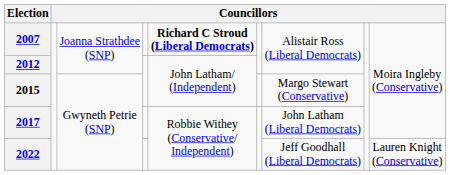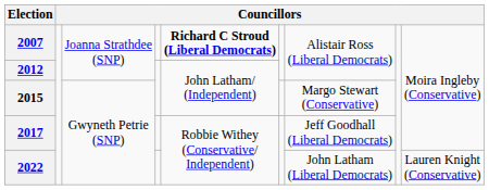 <table class="wikitable" style="text-align:center">
 <tr>
 <th>Election</th>
 <th colspan=8>Councillors</th>
 </tr>
 <tr>
 <th><a href='#'>2007</a></th>
 <td rowspan=5; style="background-color: "></td>
 <td rowspan=2><a href='#'>Joanna Strathdee</a><br>(<a href='#'>SNP</a>)</td>
 <td rowspan=1; style="background-color: "></td>
 <td><strong>Richard C Stroud<br>(<a href='#'>Liberal Democrats</a>)</strong></td>
 <td rowspan=2; style="background-color: "></td>
 <td rowspan=2>Alistair Ross<br>(<a href='#'>Liberal Democrats</a>)</td>
 <td rowspan=5; style="background-color: "></td>
 <td rowspan=4>Moira Ingleby<br>(<a href='#'>Conservative</a>)</td>
 </tr>
 <tr>
 <th><a href='#'>2012</a></th>
 <td rowspan=2; style="background-color: "></td>
 <td rowspan=2>John Latham/<br>(<a href='#'>Independent</a>)</td>
 </tr>
 <tr>
 <th>2015</th>
 <td rowspan=3>Gwyneth Petrie<br>(<a href='#'>SNP</a>)</td>
 <td rowspan=1; style="background-color: "></td>
 <td rowspan=1>Margo Stewart<br>(<a href='#'>Conservative</a>)</td>
 </tr>
 <tr>
 <th><a href='#'>2017</a></th>
 <td rowspan=1; style="background-color: "></td>
 <td rowspan=2>Robbie Withey<br>(<a href='#'>Conservative</a>/<br><a href='#'>Independent</a>) </td>
 <td rowspan=2; style="background-color: "></td>
-<td>John Latham<br>(<a href='#'>Liberal Democrats</a>)</td>
+<td>Jeff Goodhall<br>(<a href='#'>Liberal Democrats</a>)</td>
 </tr>
 <tr>
 <th><a href='#'>2022</a></th>
 <td rowspan=1; style="background-color: "></td>
-<td>Jeff Goodhall<br>(<a href='#'>Liberal Democrats</a>)</td>
+<td>John Latham<br>(<a href='#'>Liberal Democrats</a>)</td>
 <td rowspan=1>Lauren Knight<br>(<a href='#'>Conservative</a>)</td>
 </tr>
 </table>
